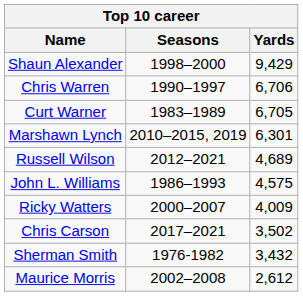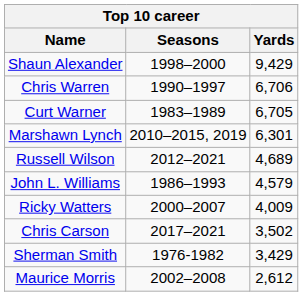 <table class="wikitable" style="text-align:center">
 <tr>
 <th colspan="3"><strong>Top 10 career</strong></th>
 </tr>
 <tr>
 <th><strong>Name</strong></th>
 <th><strong>Seasons</strong></th>
 <th><strong>Yards</strong></th>
 </tr>
 <tr>
 <td><a href='#'>Shaun Alexander</a></td>
 <td>1998–2000</td>
 <td>9,429</td>
 </tr>
 <tr>
 <td><a href='#'>Chris Warren</a></td>
 <td>1990–1997</td>
 <td>6,706</td>
 </tr>
 <tr>
 <td><a href='#'>Curt Warner</a></td>
 <td>1983–1989</td>
 <td>6,705</td>
 </tr>
 <tr>
 <td><a href='#'>Marshawn Lynch</a></td>
 <td>2010–2015, 2019</td>
 <td>6,301</td>
 </tr>
 <tr>
 <td><a href='#'>Russell Wilson</a></td>
 <td>2012–2021</td>
 <td>4,689</td>
 </tr>
 <tr>
 <td><a href='#'>John L. Williams</a></td>
 <td>1986–1993</td>
-<td>4,575</td>
+<td>4,579</td>
 </tr>
 <tr>
 <td><a href='#'>Ricky Watters</a></td>
 <td>2000–2007</td>
 <td>4,009</td>
 </tr>
 <tr>
 <td><a href='#'>Chris Carson</a></td>
 <td>2017–2021</td>
 <td>3,502</td>
 </tr>
 <tr>
 <td><a href='#'>Sherman Smith</a></td>
 <td>1976-1982</td>
-<td>3,432</td>
+<td>3,429</td>
 </tr>
 <tr>
 <td><a href='#'>Maurice Morris</a></td>
 <td>2002–2008</td>
 <td>2,612</td>
 </tr>
 </table>
